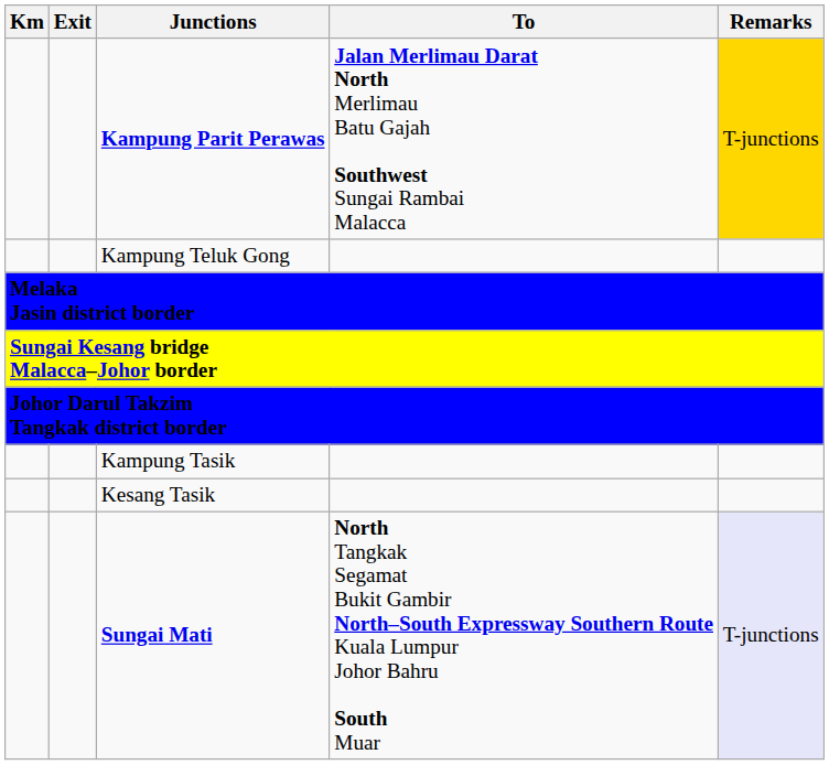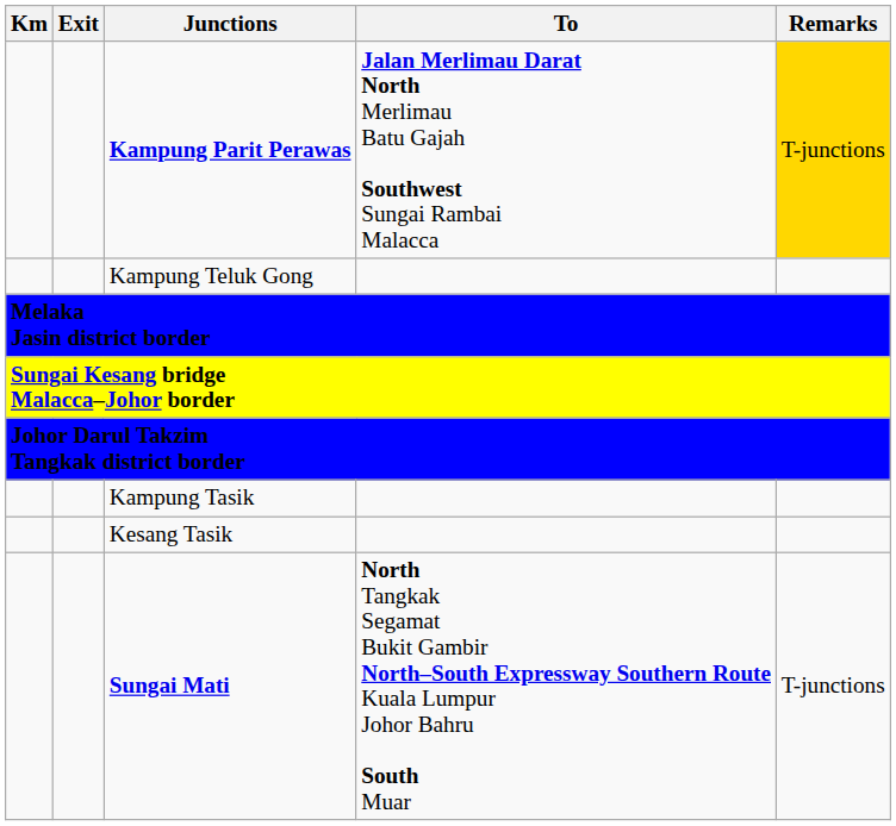 <table class="wikitable">
 <tr>
 <th>Km</th>
 <th>Exit</th>
 <th>Junctions</th>
 <th>To</th>
 <th>Remarks</th>
 </tr>
 <tr>
 <td></td>
 <td></td>
 <td><strong><a href='#'>Kampung Parit Perawas</a></strong></td>
 <td> <strong><a href='#'>Jalan Merlimau Darat</a></strong><br><strong>North</strong><br>Merlimau<br>Batu Gajah<br><br><strong>Southwest</strong><br>Sungai Rambai<br>Malacca</td>
 <td style="background: gold;">T-junctions</td>
 </tr>
 <tr>
 <td></td>
 <td></td>
 <td>Kampung Teluk Gong</td>
 <td></td>
 <td></td>
 </tr>
 <tr>
 <td style="width:600px" colspan="6" style="text-align:center" bgcolor="blue"><strong><span>Melaka<br>Jasin district border</span></strong></td>
 </tr>
 <tr>
 <td style="width:600px" colspan="6" style="text-align:center" bgcolor="yellow"><strong><span><a href='#'>Sungai Kesang</a> bridge<br><a href='#'>Malacca</a>–<a href='#'>Johor</a> border</span></strong></td>
 </tr>
 <tr>
 <td style="width:600px" colspan="6" style="text-align:center" bgcolor="blue"><strong><span>Johor Darul Takzim<br>Tangkak district border</span></strong></td>
 </tr>
 <tr>
 <td></td>
 <td></td>
 <td>Kampung Tasik</td>
 <td></td>
 <td></td>
 </tr>
 <tr>
 <td></td>
 <td></td>
 <td>Kesang Tasik</td>
 <td></td>
 <td></td>
 </tr>
 <tr>
 <td></td>
 <td></td>
 <td><strong><a href='#'>Sungai Mati</a></strong></td>
 <td><strong>North</strong><br> Tangkak<br> Segamat<br> Bukit Gambir<br>  <strong><a href='#'>North–South Expressway Southern Route</a></strong><br>Kuala Lumpur<br>Johor Bahru<br><br><strong>South</strong><br> Muar</td>
-<td style="background: lavender;">T-junctions</td>
+<td>T-junctions</td>
 </tr>
 </table>
